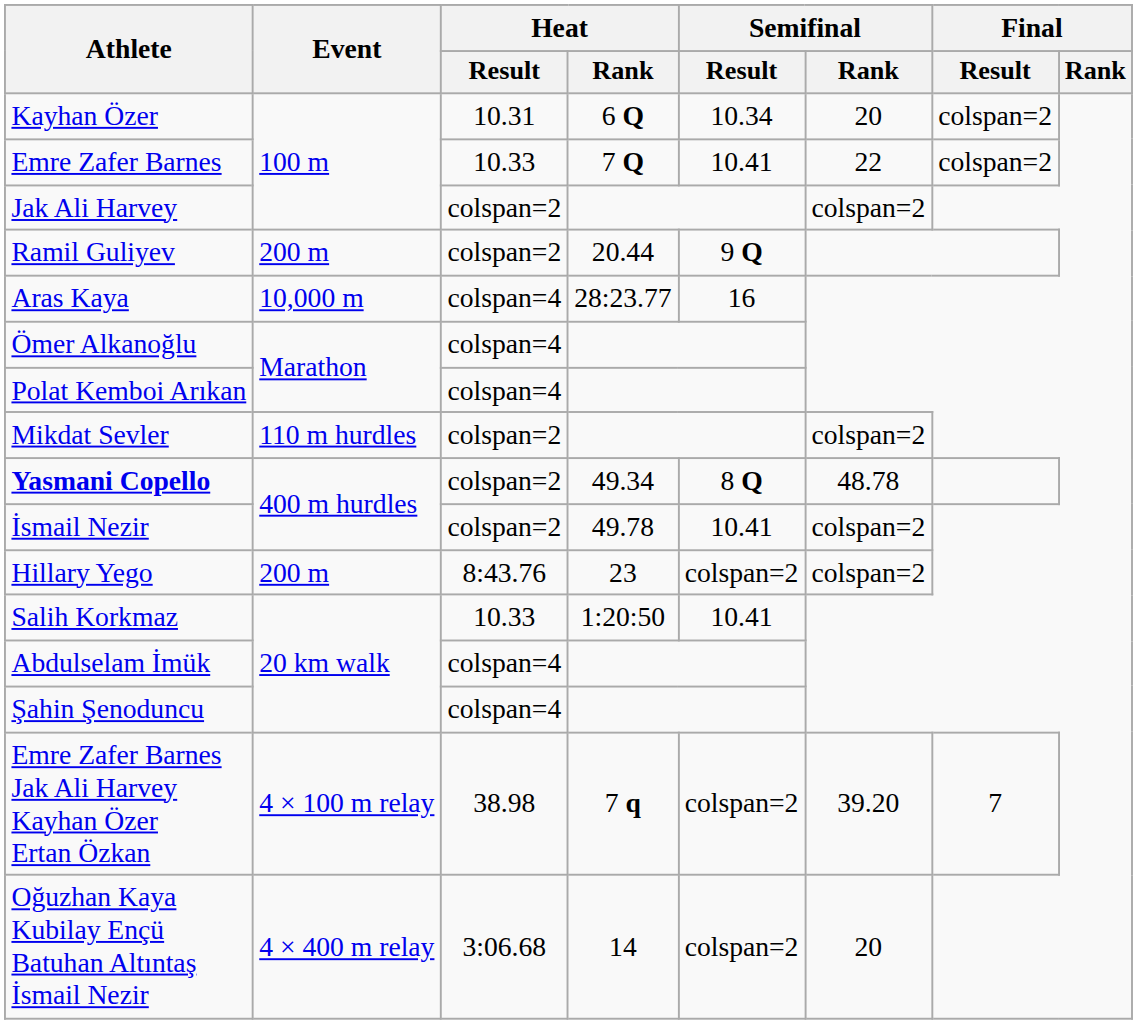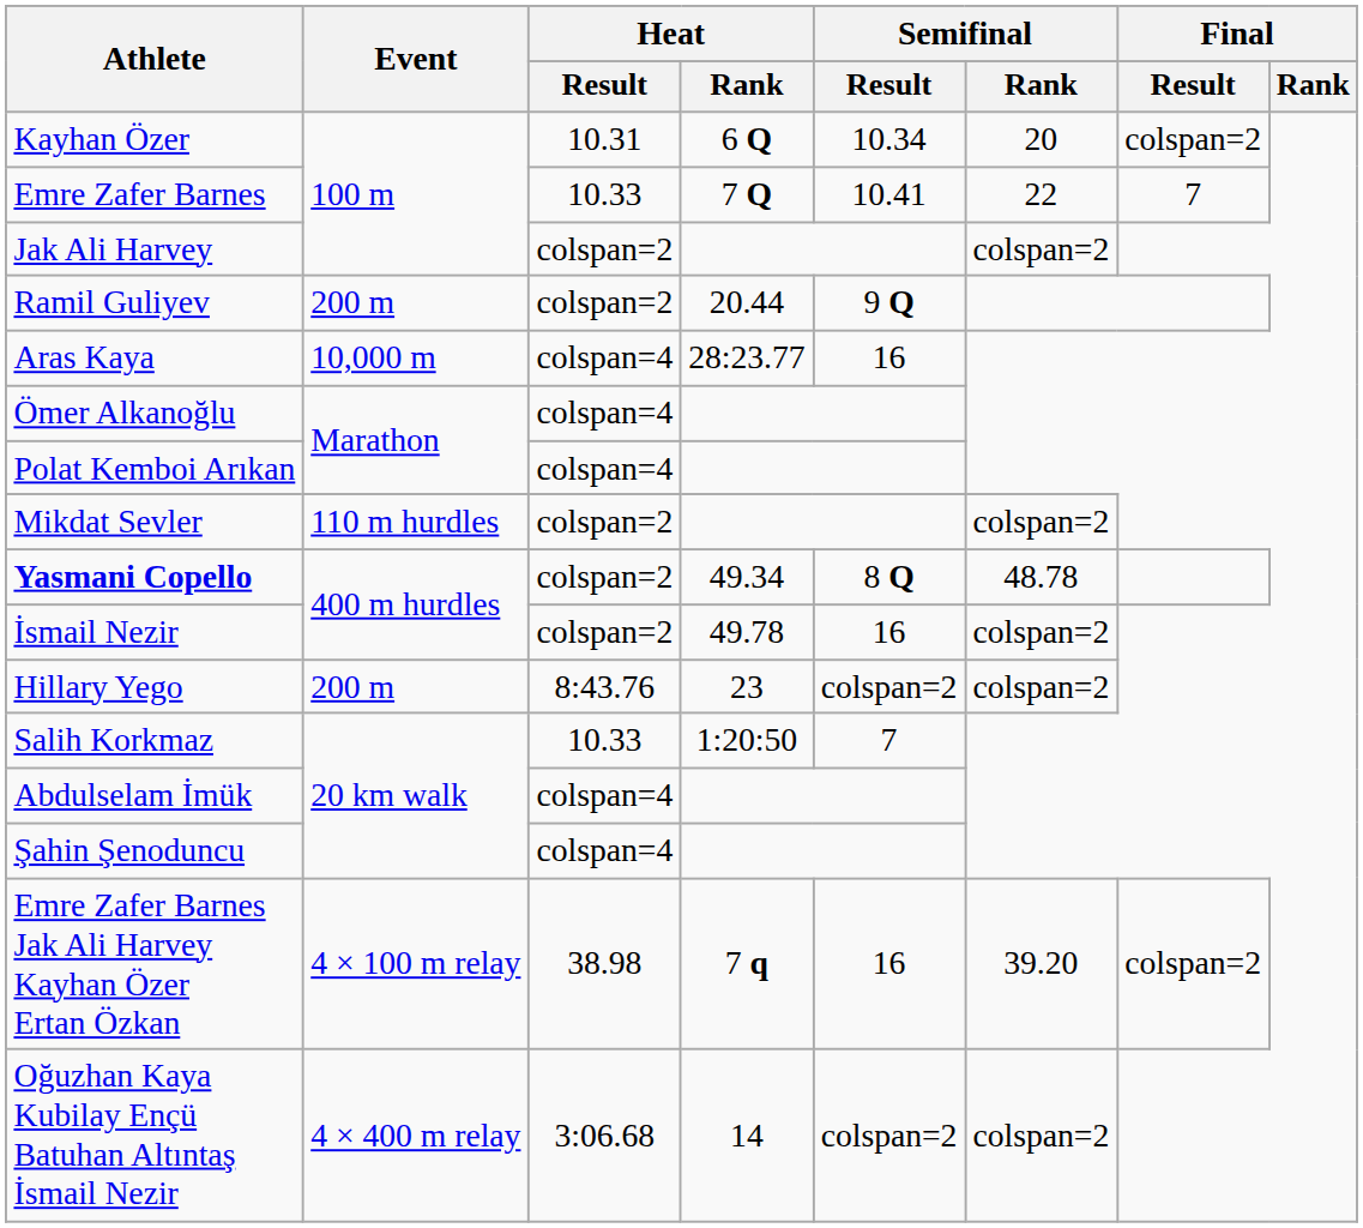 <table class="wikitable" style="font-size:90%">
 <tr>
 <th rowspan="2">Athlete</th>
 <th rowspan="2">Event</th>
 <th colspan="2">Heat</th>
 <th colspan="2">Semifinal</th>
 <th colspan="2">Final</th>
 </tr>
 <tr style="font-size:95%">
 <th>Result</th>
 <th>Rank</th>
 <th>Result</th>
 <th>Rank</th>
 <th>Result</th>
 <th>Rank</th>
 </tr>
 <tr align=center>
 <td align=left><a href='#'>Kayhan Özer</a></td>
 <td align=left rowspan=3><a href='#'>100 m</a></td>
 <td>10.31</td>
 <td>6 <strong>Q</strong></td>
 <td>10.34</td>
 <td>20</td>
 <td>colspan=2 </td>
 </tr>
 <tr align=center>
 <td align=left><a href='#'>Emre Zafer Barnes</a></td>
 <td>10.33</td>
 <td>7 <strong>Q</strong></td>
 <td>10.41</td>
 <td>22</td>
-<td>colspan=2 </td>
+<td>7</td>
 </tr>
 <tr align=center>
 <td align=left><a href='#'>Jak Ali Harvey </a></td>
 <td>colspan=2 </td>
 <td colspan=2></td>
 <td>colspan=2 </td>
 </tr>
 <tr align=center>
 <td align=left><a href='#'>Ramil Guliyev</a></td>
 <td align=left><a href='#'>200 m</a></td>
 <td>colspan=2 </td>
 <td>20.44</td>
 <td>9 <strong>Q</strong></td>
 <td colspan=2></td>
 </tr>
 <tr align=center>
 <td align=left><a href='#'>Aras Kaya</a></td>
 <td align=left><a href='#'>10,000 m</a></td>
 <td>colspan=4 </td>
 <td>28:23.77</td>
 <td>16</td>
 </tr>
 <tr align=center>
 <td align=left><a href='#'>Ömer Alkanoğlu</a></td>
 <td align=left rowspan=2><a href='#'>Marathon</a></td>
 <td>colspan=4 </td>
 <td colspan="2"></td>
 </tr>
 <tr align=center>
 <td align=left><a href='#'>Polat Kemboi Arıkan</a></td>
 <td>colspan=4 </td>
 <td colspan="2"></td>
 </tr>
 <tr align=center>
 <td align=left><a href='#'>Mikdat Sevler</a></td>
 <td align=left><a href='#'>110 m hurdles</a></td>
 <td>colspan=2 </td>
 <td colspan=2></td>
 <td>colspan=2 </td>
 </tr>
 <tr align=center>
 <td align=left><strong><a href='#'>Yasmani Copello</a></strong></td>
 <td align=left rowspan=2><a href='#'>400 m hurdles</a></td>
 <td>colspan=2 </td>
 <td>49.34</td>
 <td>8 <strong>Q</strong></td>
 <td>48.78</td>
 <td></td>
 </tr>
 <tr align=center>
 <td align=left><a href='#'>İsmail Nezir</a></td>
 <td>colspan=2 </td>
 <td>49.78</td>
-<td>10.41</td>
+<td>16</td>
 <td>colspan=2 </td>
 </tr>
 <tr align=center>
 <td align=left><a href='#'>Hillary Yego</a></td>
 <td align=left><a href='#'>200 m</a></td>
 <td>8:43.76</td>
 <td>23</td>
 <td>colspan=2 </td>
 <td>colspan=2 </td>
 </tr>
 <tr align=center>
 <td align=left><a href='#'>Salih Korkmaz</a></td>
 <td align=left rowspan=3><a href='#'>20 km walk</a></td>
 <td>10.33</td>
 <td>1:20:50 </td>
-<td>10.41</td>
+<td>7</td>
 </tr>
 <tr align=center>
 <td align=left><a href='#'>Abdulselam İmük</a></td>
 <td>colspan=4 </td>
 <td colspan="2"></td>
 </tr>
 <tr align=center>
 <td align=left><a href='#'>Şahin Şenoduncu</a></td>
 <td>colspan=4 </td>
 <td colspan="2"></td>
 </tr>
 <tr align=center>
 <td align=left><a href='#'>Emre Zafer Barnes</a><br> <a href='#'>Jak Ali Harvey</a><br><a href='#'>Kayhan Özer</a><br> <a href='#'>Ertan Özkan</a></td>
 <td align=left><a href='#'>4 × 100 m relay</a></td>
 <td>38.98</td>
 <td>7 <strong>q</strong></td>
+<td>16</td>
+<td>39.20</td>
 <td>colspan=2 </td>
-<td>39.20</td>
-<td>7</td>
 </tr>
 <tr align=center>
 <td align=left><a href='#'>Oğuzhan Kaya</a><br> <a href='#'>Kubilay Ençü</a><br> <a href='#'>Batuhan Altıntaş</a><br> <a href='#'>İsmail Nezir</a></td>
 <td align=left><a href='#'>4 × 400 m relay</a></td>
 <td>3:06.68</td>
 <td>14</td>
 <td>colspan=2 </td>
-<td>20</td>
+<td>colspan=2 </td>
 </tr>
 </table>
